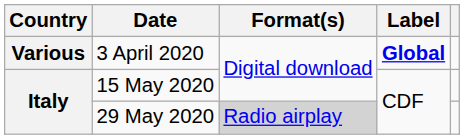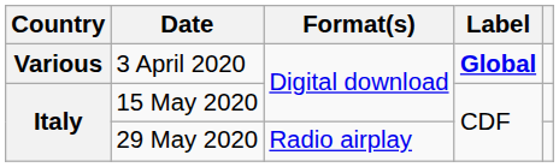 <table class="wikitable plainrowheaders">
 <tr>
 <th scope="col">Country</th>
 <th scope="col">Date</th>
 <th scope="col">Format(s)</th>
 <th scope="col">Label</th>
 <th scope="col"></th>
 </tr>
 <tr>
 <th scope="row">Various</th>
 <td>3 April 2020</td>
 <td rowspan="2"><a href='#'>Digital download</a></td>
 <td><strong><a href='#'>Global</a></strong></td>
 <td></td>
 </tr>
 <tr>
 <th scope="row" rowspan="2">Italy</th>
 <td>15 May 2020</td>
 <td rowspan="2">CDF</td>
 <td></td>
 </tr>
 <tr>
 <td>29 May 2020</td>
-<td style="background: lightgrey;"><a href='#'>Radio airplay</a></td>
+<td><a href='#'>Radio airplay</a></td>
 <td></td>
 </tr>
 </table>
